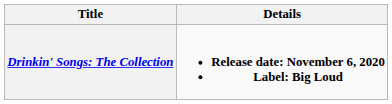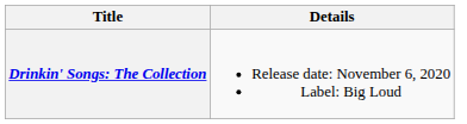 <table class="wikitable plainrowheaders" style="text-align:center;">
 <tr>
 <th scope="col">Title</th>
 <th scope="col">Details</th>
 </tr>
 <tr>
 <th scope="row"><em><a href='#'>Drinkin' Songs: The Collection</a></em></th>
-<td><strong><br><ul><li>Release date: November 6, 2020</li><li>Label: Big Loud</li></ul></strong></td>
+<td><br><ul><li>Release date: November 6, 2020</li><li>Label: Big Loud</li></ul></td>
 </tr>
 </table>
